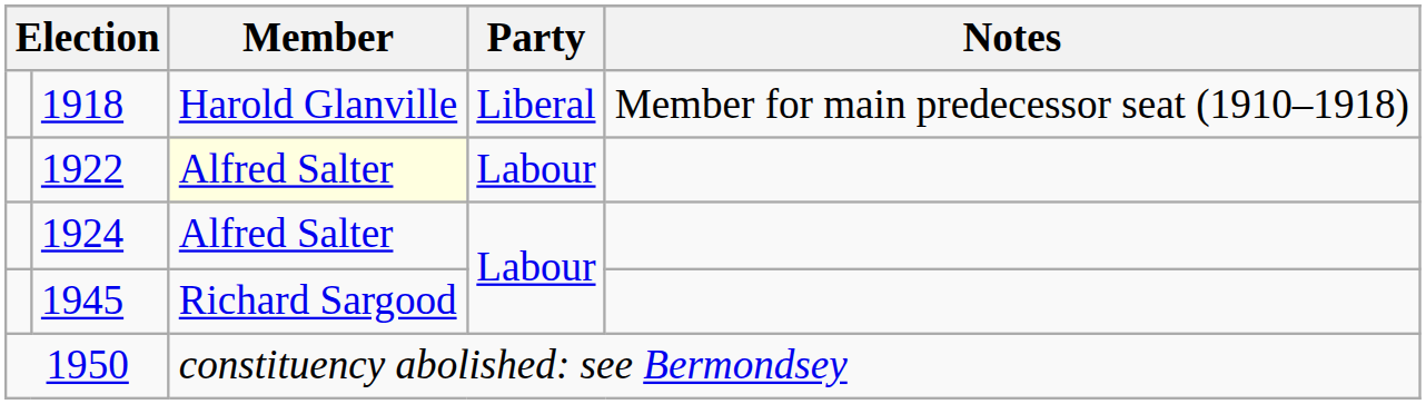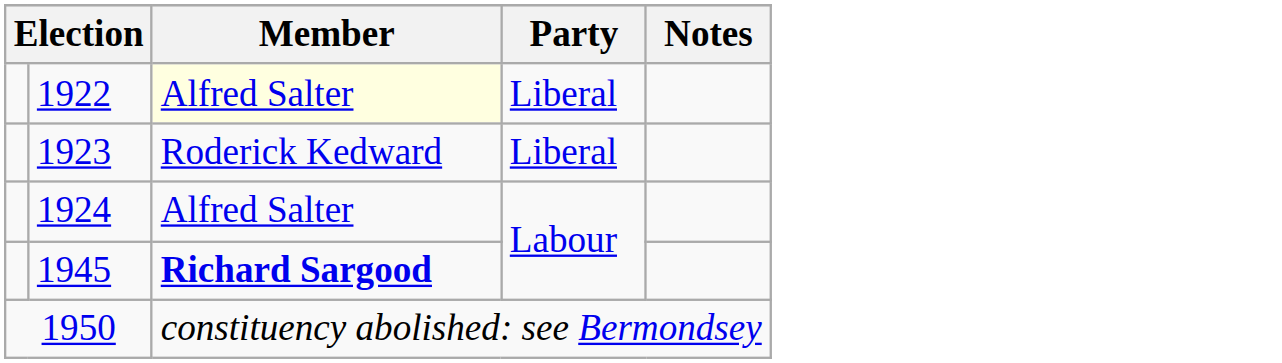 <table class="wikitable">
 <tr>
 </tr>
 <tr>
 <th colspan="2">Election</th>
 <th>Member</th>
 <th>Party</th>
 <th>Notes</th>
 </tr>
 <tr>
 <td style="color:inherit;background-color: "></td>
-<td><a href='#'>1918</a></td>
-<td><a href='#'>Harold Glanville</a></td>
+<td><a href='#'>1922</a></td>
+<td style="background: lightyellow;"><a href='#'>Alfred Salter</a></td>
 <td><a href='#'>Liberal</a></td>
-<td>Member for main predecessor seat (1910–1918)</td>
+<td></td>
 </tr>
 <tr>
 <td style="color:inherit;background-color: "></td>
-<td><a href='#'>1922</a></td>
-<td style="background: lightyellow;"><a href='#'>Alfred Salter</a></td>
-<td><a href='#'>Labour</a></td>
+<td><a href='#'>1923</a></td>
+<td><a href='#'>Roderick Kedward</a></td>
+<td><a href='#'>Liberal</a></td>
 <td></td>
 </tr>
 <tr>
 <td style="color:inherit;background-color: "></td>
 <td><a href='#'>1924</a></td>
 <td><a href='#'>Alfred Salter</a></td>
 <td rowspan="2"><a href='#'>Labour</a></td>
 <td></td>
 </tr>
 <tr>
 <td style="color:inherit;background-color: "></td>
 <td><a href='#'>1945</a></td>
-<td><a href='#'>Richard Sargood</a></td>
+<td><strong><a href='#'>Richard Sargood</a></strong></td>
 <td></td>
 </tr>
 <tr>
 <td colspan="2" align="center"><a href='#'>1950</a></td>
 <td colspan="3"><em>constituency abolished: see <a href='#'>Bermondsey</a></em></td>
 </tr>
 </table>
